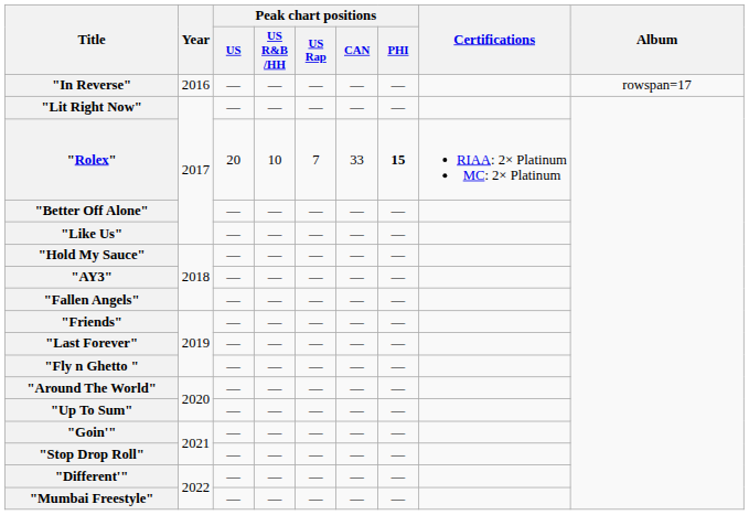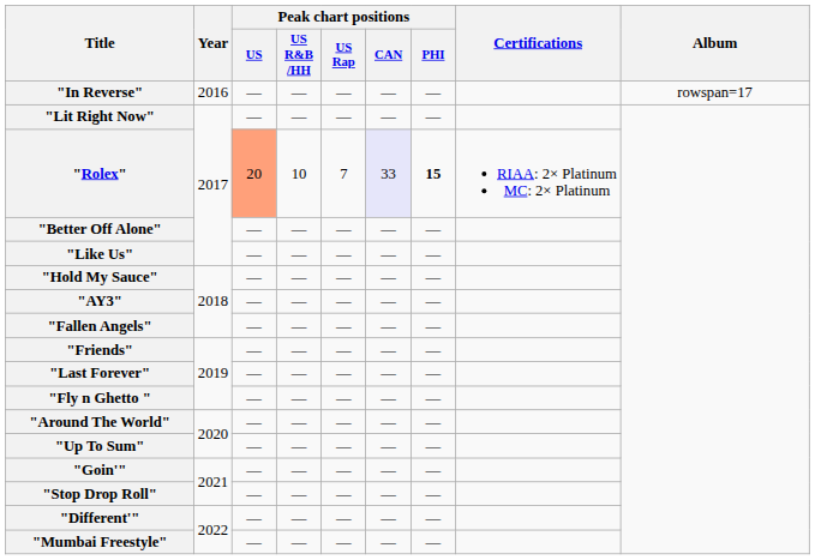 <table class="wikitable plainrowheaders" style="text-align:center;">
 <tr>
 <th scope="col" rowspan=2 style="width:12em;">Title</th>
 <th scope="col" rowspan=2 style="width:1em;">Year</th>
 <th scope="col" colspan=5>Peak chart positions</th>
 <th scope="col" rowspan="2"><a href='#'>Certifications</a></th>
 <th scope="col" rowspan=2 style="width:12em;">Album</th>
 </tr>
 <tr>
 <th scope="col" style="width:3em;font-size:85%;"><a href='#'>US</a><br></th>
 <th scope="col" style="width:3em;font-size:85%;"><a href='#'>US<br>R&B<br>/HH</a><br></th>
 <th scope="col" style="width:3em;font-size:85%;"><a href='#'>US<br>Rap</a><br></th>
 <th scope="col" style="width:3em;font-size:85%;"><a href='#'>CAN</a><br></th>
 <th scope="col" style="width:3em;font-size:85%;"><a href='#'>PHI</a><br></th>
 </tr>
 <tr>
 <th scope="row">"In Reverse"</th>
 <td>2016</td>
 <td>—</td>
 <td>—</td>
 <td>—</td>
 <td>—</td>
 <td>—</td>
 <td></td>
 <td>rowspan=17 </td>
 </tr>
 <tr>
 <th scope="row">"Lit Right Now"</th>
 <td rowspan="4">2017</td>
 <td>—</td>
 <td>—</td>
 <td>—</td>
 <td>—</td>
 <td>—</td>
 <td></td>
 </tr>
 <tr>
 <th scope="row">"<a href='#'>Rolex</a>"</th>
-<td>20</td>
+<td style="background: lightsalmon;">20</td>
 <td>10</td>
 <td>7</td>
-<td>33</td>
+<td style="background: lavender;">33</td>
 <td><strong>15</strong></td>
 <td><br><ul><li><a href='#'>RIAA</a>: 2× Platinum</li><li><a href='#'>MC</a>: 2× Platinum</li></ul></td>
 </tr>
 <tr>
 <th scope="row">"Better Off Alone"</th>
 <td>—</td>
 <td>—</td>
 <td>—</td>
 <td>—</td>
 <td>—</td>
 <td></td>
 </tr>
 <tr>
 <th scope="row">"Like Us"</th>
 <td>—</td>
 <td>—</td>
 <td>—</td>
 <td>—</td>
 <td>—</td>
 <td></td>
 </tr>
 <tr>
 <th scope="row">"Hold My Sauce"</th>
 <td rowspan="3">2018</td>
 <td>—</td>
 <td>—</td>
 <td>—</td>
 <td>—</td>
 <td>—</td>
 <td></td>
 </tr>
 <tr>
 <th scope="row">"AY3"<br></th>
 <td>—</td>
 <td>—</td>
 <td>—</td>
 <td>—</td>
 <td>—</td>
 <td></td>
 </tr>
 <tr>
 <th scope="row">"Fallen Angels"</th>
 <td>—</td>
 <td>—</td>
 <td>—</td>
 <td>—</td>
 <td>—</td>
 <td></td>
 </tr>
 <tr>
 <th scope="row">"Friends"<br></th>
 <td rowspan=3>2019</td>
 <td>—</td>
 <td>—</td>
 <td>—</td>
 <td>—</td>
 <td>—</td>
 <td></td>
 </tr>
 <tr>
 <th scope="row">"Last Forever"</th>
 <td>—</td>
 <td>—</td>
 <td>—</td>
 <td>—</td>
 <td>—</td>
 <td></td>
 </tr>
 <tr>
 <th scope="row">"Fly n Ghetto "</th>
 <td>—</td>
 <td>—</td>
 <td>—</td>
 <td>—</td>
 <td>—</td>
 <td></td>
 </tr>
 <tr>
 <th scope=row>"Around The World"</th>
 <td rowspan=2>2020</td>
 <td>—</td>
 <td>—</td>
 <td>—</td>
 <td>—</td>
 <td>—</td>
 <td></td>
 </tr>
 <tr>
 <th scope=row>"Up To Sum"</th>
 <td>—</td>
 <td>—</td>
 <td>—</td>
 <td>—</td>
 <td>—</td>
 <td></td>
 </tr>
 <tr>
 <th scope=row>"Goin'"</th>
 <td rowspan=2>2021</td>
 <td>—</td>
 <td>—</td>
 <td>—</td>
 <td>—</td>
 <td>—</td>
 <td></td>
 </tr>
 <tr>
 <th scope=row>"Stop Drop Roll"</th>
 <td>—</td>
 <td>—</td>
 <td>—</td>
 <td>—</td>
 <td>—</td>
 <td></td>
 </tr>
 <tr>
 <th scope=row>"Different'"</th>
 <td rowspan=2>2022</td>
 <td>—</td>
 <td>—</td>
 <td>—</td>
 <td>—</td>
 <td>—</td>
 <td></td>
 </tr>
 <tr>
 <th scope=row>"Mumbai Freestyle"</th>
 <td>—</td>
 <td>—</td>
 <td>—</td>
 <td>—</td>
 <td>—</td>
 <td></td>
 </tr>
 </table>
